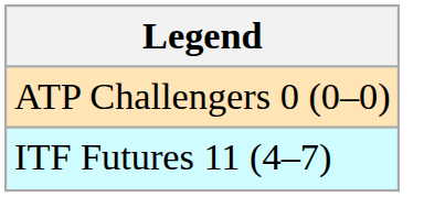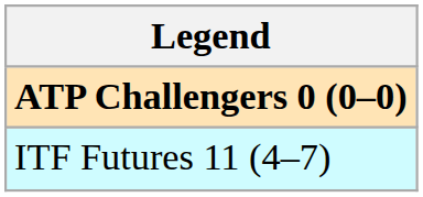 <table class=wikitable style=font-size:97%>
 <tr>
 <th>Legend</th>
 </tr>
 <tr style="background:moccasin;">
-<td>ATP Challengers 0 (0–0)</td>
+<td><strong>ATP Challengers 0 (0–0)</strong></td>
 </tr>
 <tr style="background:#cffcff;">
 <td>ITF Futures 11 (4–7)</td>
 </tr>
 </table>
